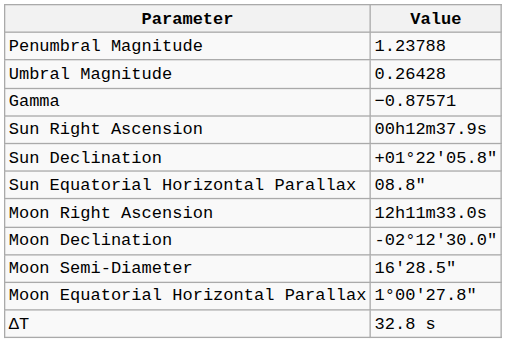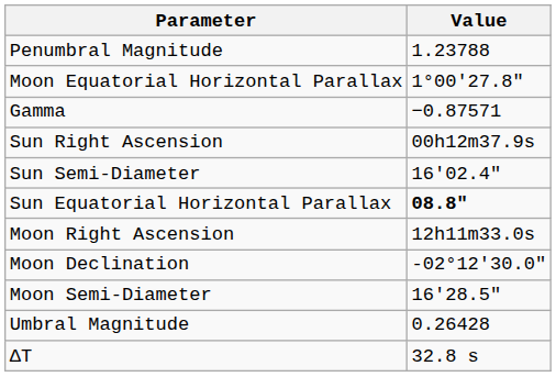 <table class="wikitable">
 <tr>
 <th>Parameter</th>
 <th>Value</th>
 </tr>
 <tr>
 <td>Penumbral Magnitude</td>
 <td>1.23788</td>
 </tr>
 <tr>
-<td>Umbral Magnitude</td>
-<td>0.26428</td>
+<td>Moon Equatorial Horizontal Parallax</td>
+<td>1°00'27.8"</td>
 </tr>
 <tr>
 <td>Gamma</td>
 <td>−0.87571</td>
 </tr>
 <tr>
 <td>Sun Right Ascension</td>
 <td>00h12m37.9s</td>
 </tr>
 <tr>
-<td>Sun Declination</td>
-<td>+01°22'05.8"</td>
+<td>Sun Semi-Diameter</td>
+<td>16'02.4"</td>
 </tr>
 <tr>
 <td>Sun Equatorial Horizontal Parallax</td>
-<td>08.8"</td>
+<td><strong>08.8"</strong></td>
 </tr>
 <tr>
 <td>Moon Right Ascension</td>
 <td>12h11m33.0s</td>
 </tr>
 <tr>
 <td>Moon Declination</td>
 <td>-02°12'30.0"</td>
 </tr>
 <tr>
 <td>Moon Semi-Diameter</td>
 <td>16'28.5"</td>
 </tr>
 <tr>
-<td>Moon Equatorial Horizontal Parallax</td>
-<td>1°00'27.8"</td>
+<td>Umbral Magnitude</td>
+<td>0.26428</td>
 </tr>
 <tr>
 <td>ΔT</td>
 <td>32.8 s</td>
 </tr>
 </table>
